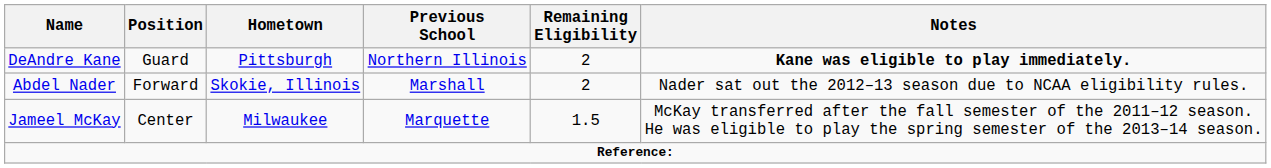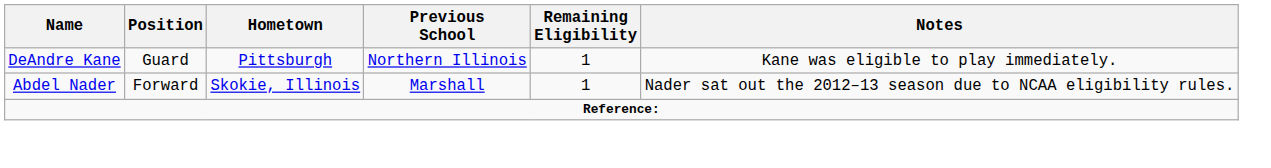 <table class="wikitable" style="text-align: center">
 <tr align=center>
 <th>Name</th>
 <th>Position</th>
 <th>Hometown</th>
 <th>Previous<br>School</th>
 <th>Remaining<br>Eligibility</th>
 <th>Notes</th>
 </tr>
 <tr>
 <td><a href='#'>DeAndre Kane</a></td>
 <td>Guard</td>
 <td><a href='#'>Pittsburgh</a></td>
 <td><a href='#'>Northern Illinois</a></td>
-<td>2</td>
-<td><strong>Kane was eligible to play immediately.</strong></td>
+<td>1</td>
+<td>Kane was eligible to play immediately.</td>
 </tr>
 <tr>
 <td><a href='#'>Abdel Nader</a></td>
 <td>Forward</td>
 <td><a href='#'>Skokie, Illinois</a></td>
 <td><a href='#'>Marshall</a></td>
-<td>2</td>
+<td>1</td>
 <td>Nader sat out the 2012–13 season due to NCAA eligibility rules.</td>
-</tr>
-<tr>
-<td><a href='#'>Jameel McKay</a></td>
-<td>Center</td>
-<td><a href='#'>Milwaukee</a></td>
-<td><a href='#'>Marquette</a></td>
-<td>1.5</td>
-<td>McKay transferred after the fall semester of the 2011–12 season.<br>He was eligible to play the spring semester of the 2013–14 season.</td>
 </tr>
 <tr>
 <td colspan="6"  style="font-size:8pt; text-align:center;"><strong>Reference:</strong></td>
 </tr>
 </table>
